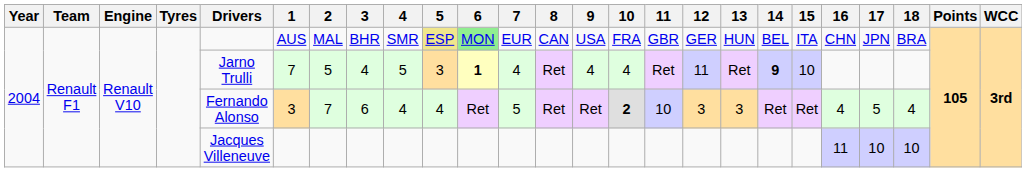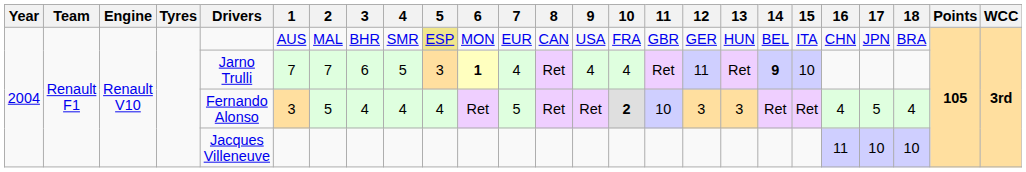 <table class="wikitable" style="text-align:center; font-size:95%">
 <tr>
 <th>Year</th>
 <th>Team</th>
 <th>Engine</th>
 <th>Tyres</th>
 <th>Drivers</th>
 <th>1</th>
 <th>2</th>
 <th>3</th>
 <th>4</th>
 <th>5</th>
 <th>6</th>
 <th>7</th>
 <th>8</th>
 <th>9</th>
 <th>10</th>
 <th>11</th>
 <th>12</th>
 <th>13</th>
 <th>14</th>
 <th>15</th>
 <th>16</th>
 <th>17</th>
 <th>18</th>
 <th>Points</th>
 <th>WCC</th>
 </tr>
 <tr>
 <td rowspan="4"><a href='#'>2004</a></td>
 <td rowspan="4"><a href='#'>Renault F1</a></td>
 <td rowspan="4"><a href='#'>Renault</a> <a href='#'>V10</a></td>
 <td rowspan="4"></td>
 <td></td>
 <td><a href='#'>AUS</a></td>
 <td><a href='#'>MAL</a></td>
 <td><a href='#'>BHR</a></td>
 <td><a href='#'>SMR</a></td>
 <td style="background: khaki;"><a href='#'>ESP</a></td>
-<td style="background: lightgreen;"><a href='#'>MON</a></td>
+<td><a href='#'>MON</a></td>
 <td><a href='#'>EUR</a></td>
 <td><a href='#'>CAN</a></td>
 <td><a href='#'>USA</a></td>
 <td><a href='#'>FRA</a></td>
 <td><a href='#'>GBR</a></td>
 <td><a href='#'>GER</a></td>
 <td><a href='#'>HUN</a></td>
 <td><a href='#'>BEL</a></td>
 <td><a href='#'>ITA</a></td>
 <td><a href='#'>CHN</a></td>
 <td><a href='#'>JPN</a></td>
 <td><a href='#'>BRA</a></td>
 <td rowspan="4" style="background:#FFDF9F;"><strong>105</strong></td>
 <td rowspan="4" style="background:#FFDF9F;"><strong>3rd</strong></td>
 </tr>
 <tr>
 <td> <a href='#'>Jarno Trulli</a></td>
 <td style="background:#dfffdf;">7</td>
-<td style="background:#dfffdf;">5</td>
-<td style="background:#dfffdf;">4</td>
+<td style="background:#dfffdf;">7</td>
+<td style="background:#dfffdf;">6</td>
 <td style="background:#dfffdf;">5</td>
 <td style="background:#ffdf9f;">3</td>
 <td style="background:#ffffbf;"><strong>1</strong></td>
 <td style="background:#dfffdf;">4</td>
 <td style="background:#efcfff;">Ret</td>
 <td style="background:#dfffdf;">4</td>
 <td style="background:#dfffdf;">4</td>
 <td style="background:#efcfff;">Ret</td>
 <td style="background:#cfcfff;">11</td>
 <td style="background:#efcfff;">Ret</td>
 <td style="background:#cfcfff;"><strong>9</strong></td>
 <td style="background:#cfcfff;">10</td>
 <td></td>
 <td></td>
 <td></td>
 </tr>
 <tr>
 <td> <a href='#'>Fernando Alonso</a></td>
 <td style="background:#ffdf9f;">3</td>
-<td style="background:#dfffdf;">7</td>
-<td style="background:#dfffdf;">6</td>
+<td style="background:#dfffdf;">5</td>
+<td style="background:#dfffdf;">4</td>
 <td style="background:#dfffdf;">4</td>
 <td style="background:#dfffdf;">4</td>
 <td style="background:#efcfff;">Ret</td>
 <td style="background:#dfffdf;">5</td>
 <td style="background:#efcfff;">Ret</td>
 <td style="background:#efcfff;">Ret</td>
 <td style="background:#dfdfdf;"><strong>2</strong></td>
 <td style="background:#cfcfff;">10</td>
 <td style="background:#ffdf9f;">3</td>
 <td style="background:#ffdf9f;">3</td>
 <td style="background:#efcfff;">Ret</td>
 <td style="background:#efcfff;">Ret</td>
 <td style="background:#dfffdf;">4</td>
 <td style="background:#dfffdf;">5</td>
 <td style="background:#dfffdf;">4</td>
 </tr>
 <tr>
 <td> <a href='#'>Jacques Villeneuve</a></td>
 <td></td>
 <td></td>
 <td></td>
 <td></td>
 <td></td>
 <td></td>
 <td></td>
 <td></td>
 <td></td>
 <td></td>
 <td></td>
 <td></td>
 <td></td>
 <td></td>
 <td></td>
 <td style="background:#cfcfff;">11</td>
 <td style="background:#cfcfff;">10</td>
 <td style="background:#cfcfff;">10</td>
 </tr>
 </table>
